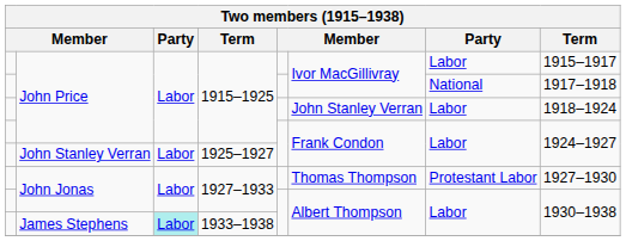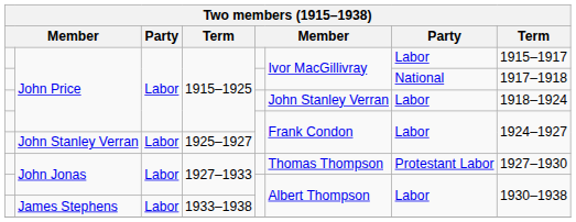 <table class="wikitable">
 <tr>
 <th colspan=8>Two members (1915–1938)</th>
 </tr>
 <tr>
 <th colspan="2">Member</th>
 <th>Party</th>
 <th>Term</th>
 <th colspan="2">Member</th>
 <th>Party</th>
 <th>Term</th>
 </tr>
 <tr>
 <td> </td>
 <td rowspan=4><a href='#'>John Price</a></td>
 <td rowspan=4><a href='#'>Labor</a></td>
 <td rowspan=4>1915–1925</td>
 <td> </td>
 <td rowspan=2><a href='#'>Ivor MacGillivray</a></td>
 <td><a href='#'>Labor</a></td>
 <td>1915–1917</td>
 </tr>
 <tr>
 <td> </td>
 <td> </td>
 <td><a href='#'>National</a></td>
 <td>1917–1918</td>
 </tr>
 <tr>
 <td> </td>
 <td> </td>
 <td><a href='#'>John Stanley Verran</a></td>
 <td><a href='#'>Labor</a></td>
 <td>1918–1924</td>
 </tr>
 <tr>
 <td> </td>
 <td rowspan=2 > </td>
 <td rowspan=2><a href='#'>Frank Condon</a></td>
 <td rowspan=2><a href='#'>Labor</a></td>
 <td rowspan=2>1924–1927</td>
 </tr>
 <tr>
 <td> </td>
 <td><a href='#'>John Stanley Verran</a></td>
 <td><a href='#'>Labor</a></td>
 <td>1925–1927</td>
 </tr>
 <tr>
 <td> </td>
 <td rowspan=2><a href='#'>John Jonas</a></td>
 <td rowspan=2><a href='#'>Labor</a></td>
 <td rowspan=2>1927–1933</td>
 <td> </td>
 <td><a href='#'>Thomas Thompson</a></td>
 <td><a href='#'>Protestant Labor</a></td>
 <td>1927–1930</td>
 </tr>
 <tr>
 <td> </td>
 <td rowspan=2 > </td>
 <td rowspan=2><a href='#'>Albert Thompson</a></td>
 <td rowspan=2><a href='#'>Labor</a></td>
 <td rowspan=2>1930–1938</td>
 </tr>
 <tr>
 <td> </td>
 <td><a href='#'>James Stephens</a></td>
-<td style="background: paleturquoise;"><a href='#'>Labor</a></td>
+<td><a href='#'>Labor</a></td>
 <td>1933–1938</td>
 </tr>
 <tr>
 </tr>
 </table>
